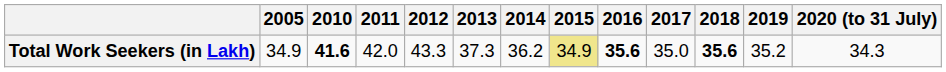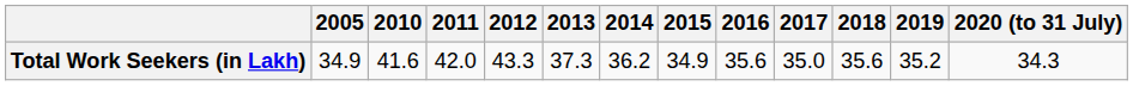 <table class="wikitable sortable" style="line-height:20px;text-align:center;">
 <tr>
 <th></th>
 <th>2005</th>
 <th>2010</th>
 <th>2011</th>
 <th>2012</th>
 <th>2013</th>
 <th>2014</th>
 <th>2015</th>
 <th>2016</th>
 <th>2017</th>
 <th>2018</th>
 <th>2019</th>
 <th>2020 (to 31 July)</th>
 </tr>
 <tr>
 <th>Total Work Seekers (in <a href='#'>Lakh</a>)</th>
 <td>34.9</td>
-<td><strong>41.6</strong></td>
+<td>41.6</td>
 <td>42.0</td>
 <td>43.3</td>
 <td>37.3</td>
 <td>36.2</td>
-<td style="background: khaki;">34.9</td>
-<td><strong>35.6</strong></td>
+<td>34.9</td>
+<td>35.6</td>
 <td>35.0</td>
-<td><strong>35.6</strong></td>
+<td>35.6</td>
 <td>35.2</td>
 <td>34.3</td>
 </tr>
 </table>
